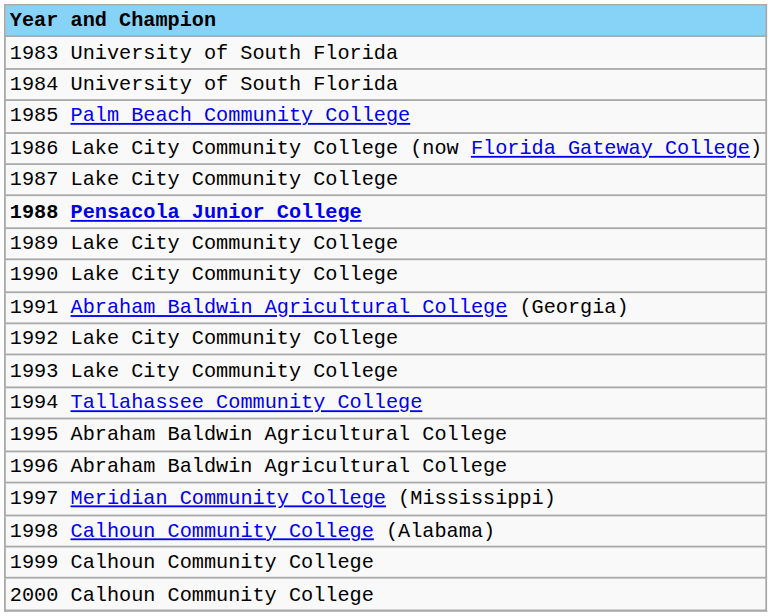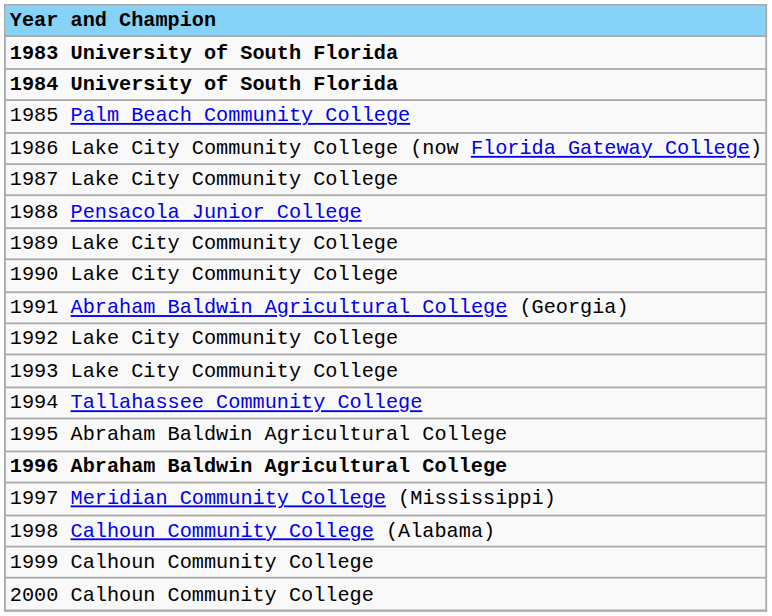 <table class="wikitable" style="font-size:85%;">
 <tr ! style="background-color: #87D3F8;">
 <td><strong>Year and Champion</strong></td>
 </tr>
 <tr --->
-<td>1983 University of South Florida</td>
+<td><strong>1983 University of South Florida</strong></td>
 </tr>
 <tr --->
-<td>1984 University of South Florida</td>
+<td><strong>1984 University of South Florida</strong></td>
 </tr>
 <tr --->
 <td>1985 <a href='#'>Palm Beach Community College</a></td>
 </tr>
 <tr --->
 <td>1986 Lake City Community College (now <a href='#'>Florida Gateway College</a>)</td>
 </tr>
 <tr --->
 <td>1987 Lake City Community College</td>
 </tr>
 <tr --->
-<td><strong>1988 <a href='#'>Pensacola Junior College</a></strong></td>
+<td>1988 <a href='#'>Pensacola Junior College</a></td>
 </tr>
 <tr --->
 <td>1989 Lake City Community College</td>
 </tr>
 <tr --->
 <td>1990 Lake City Community College</td>
 </tr>
 <tr --->
 <td>1991 <a href='#'>Abraham Baldwin Agricultural College</a> (Georgia)</td>
 </tr>
 <tr --->
 <td>1992 Lake City Community College</td>
 </tr>
 <tr --->
 <td>1993 Lake City Community College</td>
 </tr>
 <tr --->
 <td>1994 <a href='#'>Tallahassee Community College</a></td>
 </tr>
 <tr --->
 <td>1995 Abraham Baldwin Agricultural College</td>
 </tr>
 <tr --->
-<td>1996 Abraham Baldwin Agricultural College</td>
+<td><strong>1996 Abraham Baldwin Agricultural College</strong></td>
 </tr>
 <tr --->
 <td>1997 <a href='#'>Meridian Community College</a> (Mississippi)</td>
 </tr>
 <tr --->
 <td>1998 <a href='#'>Calhoun Community College</a> (Alabama)</td>
 </tr>
 <tr --->
 <td>1999 Calhoun Community College</td>
 </tr>
 <tr --->
 <td>2000 Calhoun Community College</td>
 </tr>
 <tr --->
 </tr>
 </table>
